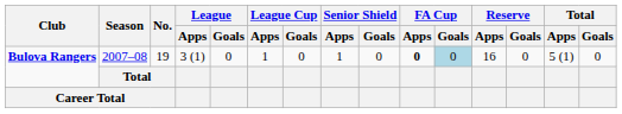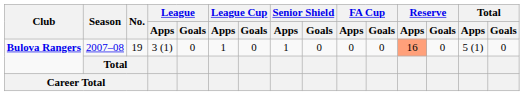 <table class="wikitable" style="text-align: center;">
 <tr>
 <th rowspan="2">Club</th>
 <th rowspan="2">Season</th>
 <th rowspan="2">No.</th>
 <th colspan="2"><a href='#'>League</a></th>
 <th colspan="2"><a href='#'>League Cup</a></th>
 <th colspan="2"><a href='#'>Senior Shield</a></th>
 <th colspan="2"><a href='#'>FA Cup</a></th>
 <th colspan="2"><a href='#'>Reserve</a></th>
 <th colspan="2">Total</th>
 </tr>
 <tr>
 <th>Apps</th>
 <th>Goals</th>
 <th>Apps</th>
 <th>Goals</th>
 <th>Apps</th>
 <th>Goals</th>
 <th>Apps</th>
 <th>Goals</th>
 <th>Apps</th>
 <th>Goals</th>
 <th>Apps</th>
 <th>Goals</th>
 </tr>
 <tr>
 <td rowspan="2" valign="top"><strong><a href='#'>Bulova Rangers</a></strong></td>
 <td><a href='#'>2007–08</a></td>
 <td>19</td>
 <td>3 (1)</td>
 <td>0</td>
 <td>1</td>
 <td>0</td>
 <td>1</td>
 <td>0</td>
-<td><strong>0</strong></td>
-<td style="background: lightblue;">0</td>
-<td>16</td>
+<td>0</td>
+<td>0</td>
+<td style="background: lightsalmon;">16</td>
 <td>0</td>
 <td>5 (1)</td>
 <td>0</td>
 </tr>
 <tr>
 <th colspan="2">Total</th>
 <th></th>
 <th></th>
 <th></th>
 <th></th>
 <th></th>
 <th></th>
 <th></th>
 <th></th>
 <th></th>
 <th></th>
 <th></th>
 <th></th>
 </tr>
 <tr>
 <th colspan="3">Career Total</th>
 <th></th>
 <th></th>
 <th></th>
 <th></th>
 <th></th>
 <th></th>
 <th></th>
 <th></th>
 <th></th>
 <th></th>
 <th></th>
 <th></th>
 </tr>
 </table>
